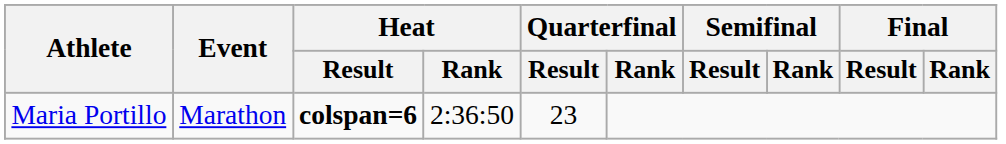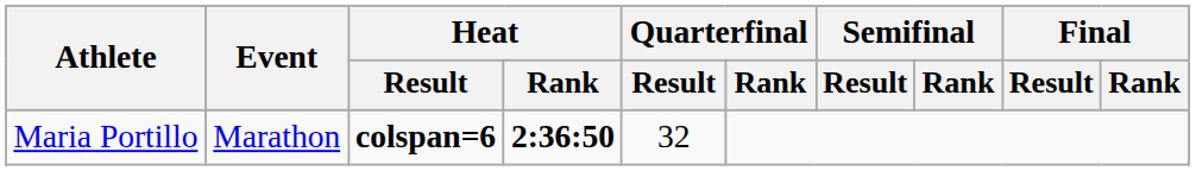 <table class=wikitable style=font-size:90%;text-align:center>
 <tr>
 <th rowspan=2>Athlete</th>
 <th rowspan=2>Event</th>
 <th colspan=2>Heat</th>
 <th colspan=2>Quarterfinal</th>
 <th colspan=2>Semifinal</th>
 <th colspan=2>Final</th>
 </tr>
 <tr style=font-size:95%>
 <th>Result</th>
 <th>Rank</th>
 <th>Result</th>
 <th>Rank</th>
 <th>Result</th>
 <th>Rank</th>
 <th>Result</th>
 <th>Rank</th>
 </tr>
 <tr>
 <td align=left><a href='#'>Maria Portillo</a></td>
 <td align=left><a href='#'>Marathon</a></td>
 <td><strong>colspan=6 </strong></td>
-<td>2:36:50</td>
-<td>23</td>
+<td><strong>2:36:50</strong></td>
+<td>32</td>
 </tr>
 </table>
